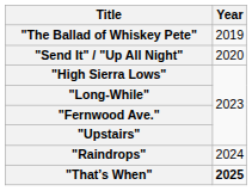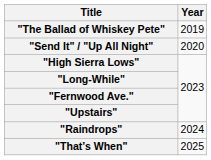 <table class="wikitable plainrowheaders" style="text-align:center;">
 <tr>
 <th scope="col" style="width:16em;">Title</th>
 <th scope="col">Year</th>
 </tr>
 <tr>
 <th scope="row">"The Ballad of Whiskey Pete"</th>
 <td>2019</td>
 </tr>
 <tr>
 <th scope="row">"Send It" / "Up All Night"</th>
 <td>2020</td>
 </tr>
 <tr>
 <th scope="row">"High Sierra Lows"</th>
 <td rowspan="4">2023</td>
 </tr>
 <tr>
 <th scope="row">"Long-While"</th>
 </tr>
 <tr>
 <th scope="row">"Fernwood Ave."</th>
 </tr>
 <tr>
 <th scope="row">"Upstairs"</th>
 </tr>
 <tr>
 <th scope="row">"Raindrops"</th>
 <td>2024</td>
 </tr>
 <tr>
 <th scope="row">"That’s When"</th>
-<td><strong>2025</strong></td>
+<td>2025</td>
 </tr>
 </table>
